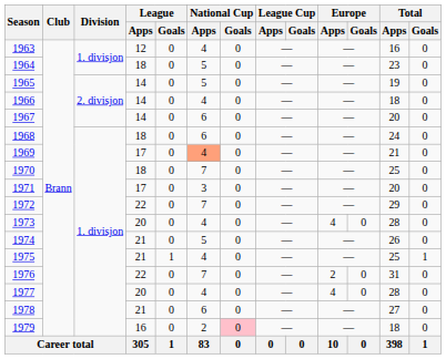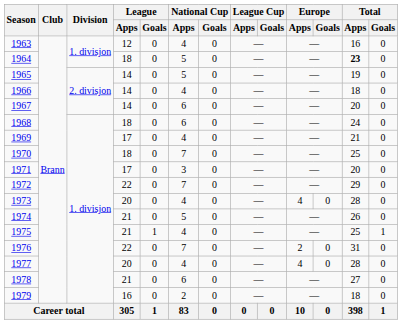 <table class="wikitable" style="text-align:center">
 <tr>
 <th rowspan="2">Season</th>
 <th rowspan="2">Club</th>
 <th rowspan="2">Division</th>
 <th colspan="2">League</th>
 <th colspan="2">National Cup</th>
 <th colspan="2">League Cup</th>
 <th colspan="2">Europe</th>
 <th colspan="2">Total</th>
 </tr>
 <tr>
 <th>Apps</th>
 <th>Goals</th>
 <th>Apps</th>
 <th>Goals</th>
 <th>Apps</th>
 <th>Goals</th>
 <th>Apps</th>
 <th>Goals</th>
 <th>Apps</th>
 <th>Goals</th>
 </tr>
 <tr>
 <td><a href='#'>1963</a></td>
 <td rowspan="17"><a href='#'>Brann</a></td>
 <td rowspan="2"><a href='#'>1. divisjon</a></td>
 <td>12</td>
 <td>0</td>
 <td>4</td>
 <td>0</td>
 <td colspan="2">—</td>
 <td colspan="2">—</td>
 <td>16</td>
 <td>0</td>
 </tr>
 <tr>
 <td><a href='#'>1964</a></td>
 <td>18</td>
 <td>0</td>
 <td>5</td>
 <td>0</td>
 <td colspan="2">—</td>
 <td colspan="2">—</td>
-<td>23</td>
+<td><strong>23</strong></td>
 <td>0</td>
 </tr>
 <tr>
 <td><a href='#'>1965</a></td>
 <td rowspan="3"><a href='#'>2. divisjon</a></td>
 <td>14</td>
 <td>0</td>
 <td>5</td>
 <td>0</td>
 <td colspan="2">—</td>
 <td colspan="2">—</td>
 <td>19</td>
 <td>0</td>
 </tr>
 <tr>
 <td><a href='#'>1966</a></td>
 <td>14</td>
 <td>0</td>
 <td>4</td>
 <td>0</td>
 <td colspan="2">—</td>
 <td colspan="2">—</td>
 <td>18</td>
 <td>0</td>
 </tr>
 <tr>
 <td><a href='#'>1967</a></td>
 <td>14</td>
 <td>0</td>
 <td>6</td>
 <td>0</td>
 <td colspan="2">—</td>
 <td colspan="2">—</td>
 <td>20</td>
 <td>0</td>
 </tr>
 <tr>
 <td><a href='#'>1968</a></td>
 <td rowspan="12"><a href='#'>1. divisjon</a></td>
 <td>18</td>
 <td>0</td>
 <td>6</td>
 <td>0</td>
 <td colspan="2">—</td>
 <td colspan="2">—</td>
 <td>24</td>
 <td>0</td>
 </tr>
 <tr>
 <td><a href='#'>1969</a></td>
 <td>17</td>
 <td>0</td>
-<td style="background: lightsalmon;">4</td>
+<td>4</td>
 <td>0</td>
 <td colspan="2">—</td>
 <td colspan="2">—</td>
 <td>21</td>
 <td>0</td>
 </tr>
 <tr>
 <td><a href='#'>1970</a></td>
 <td>18</td>
 <td>0</td>
 <td>7</td>
 <td>0</td>
 <td colspan="2">—</td>
 <td colspan="2">—</td>
 <td>25</td>
 <td>0</td>
 </tr>
 <tr>
 <td><a href='#'>1971</a></td>
 <td>17</td>
 <td>0</td>
 <td>3</td>
 <td>0</td>
 <td colspan="2">—</td>
 <td colspan="2">—</td>
 <td>20</td>
 <td>0</td>
 </tr>
 <tr>
 <td><a href='#'>1972</a></td>
 <td>22</td>
 <td>0</td>
 <td>7</td>
 <td>0</td>
 <td colspan="2">—</td>
 <td colspan="2">—</td>
 <td>29</td>
 <td>0</td>
 </tr>
 <tr>
 <td><a href='#'>1973</a></td>
 <td>20</td>
 <td>0</td>
 <td>4</td>
 <td>0</td>
 <td colspan="2">—</td>
 <td>4</td>
 <td>0</td>
 <td>28</td>
 <td>0</td>
 </tr>
 <tr>
 <td><a href='#'>1974</a></td>
 <td>21</td>
 <td>0</td>
 <td>5</td>
 <td>0</td>
 <td colspan="2">—</td>
 <td colspan="2">—</td>
 <td>26</td>
 <td>0</td>
 </tr>
 <tr>
 <td><a href='#'>1975</a></td>
 <td>21</td>
 <td>1</td>
 <td>4</td>
 <td>0</td>
 <td colspan="2">—</td>
 <td colspan="2">—</td>
 <td>25</td>
 <td>1</td>
 </tr>
 <tr>
 <td><a href='#'>1976</a></td>
 <td>22</td>
 <td>0</td>
 <td>7</td>
 <td>0</td>
 <td colspan="2">—</td>
 <td>2</td>
 <td>0</td>
 <td>31</td>
 <td>0</td>
 </tr>
 <tr>
 <td><a href='#'>1977</a></td>
 <td>20</td>
 <td>0</td>
 <td>4</td>
 <td>0</td>
 <td colspan="2">—</td>
 <td>4</td>
 <td>0</td>
 <td>28</td>
 <td>0</td>
 </tr>
 <tr>
 <td><a href='#'>1978</a></td>
 <td>21</td>
 <td>0</td>
 <td>6</td>
 <td>0</td>
 <td colspan="2">—</td>
 <td colspan="2">—</td>
 <td>27</td>
 <td>0</td>
 </tr>
 <tr>
 <td><a href='#'>1979</a></td>
 <td>16</td>
 <td>0</td>
 <td>2</td>
-<td style="background: pink;">0</td>
+<td>0</td>
 <td colspan="2">—</td>
 <td colspan="2">—</td>
 <td>18</td>
 <td>0</td>
 </tr>
 <tr>
 <th colspan="3">Career total</th>
 <th>305</th>
 <th>1</th>
 <th>83</th>
 <th>0</th>
 <th>0</th>
 <th>0</th>
 <th>10</th>
 <th>0</th>
 <th>398</th>
 <th>1</th>
 </tr>
 </table>
